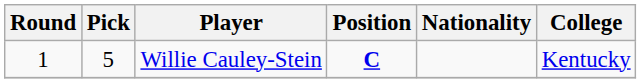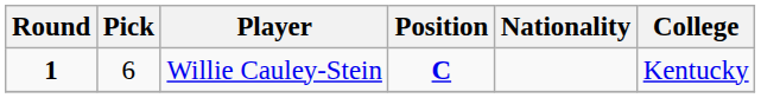 <table class="wikitable sortable sortable">
 <tr>
 <th>Round</th>
 <th>Pick</th>
 <th>Player</th>
 <th>Position</th>
 <th>Nationality</th>
 <th>College</th>
 </tr>
 <tr style="text-align: center">
-<td>1</td>
-<td>5</td>
+<td><strong>1</strong></td>
+<td>6</td>
 <td><a href='#'>Willie Cauley-Stein</a></td>
 <td><strong><a href='#'>C</a></strong></td>
 <td></td>
 <td><a href='#'>Kentucky</a></td>
 </tr>
 <tr style="text-align: center">
 </tr>
 </table>
